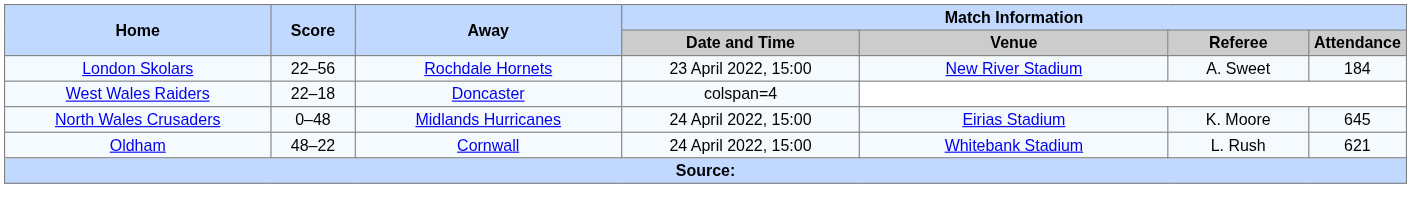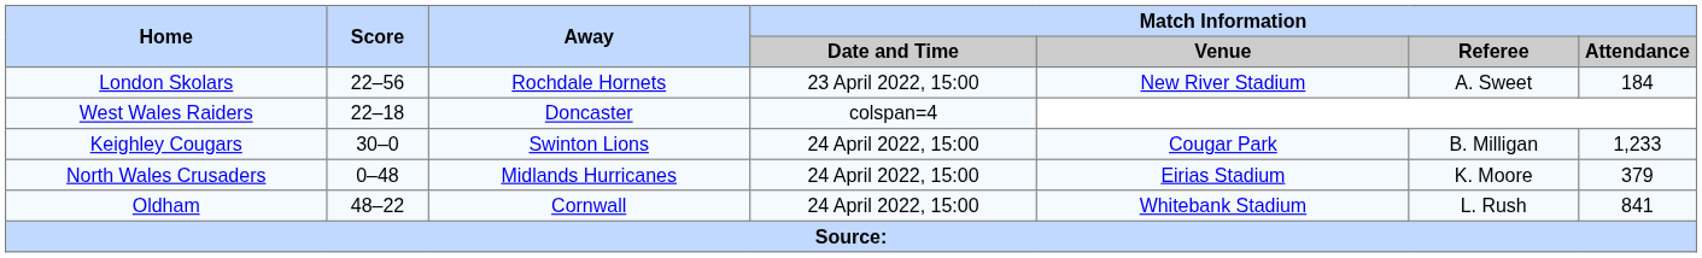 <table border=1 style="border-collapse:collapse; font-size:90%; text-align:center;" cellpadding=3 cellspacing=0 width=100%>
 <tr bgcolor=#C1D8FF>
 <th scope="col" rowspan=2 width=19%>Home</th>
 <th scope="col" rowspan=2 width=6%>Score</th>
 <th scope="col" rowspan=2 width=19%>Away</th>
 <th colspan=4>Match Information</th>
 </tr>
 <tr bgcolor=#CCCCCC>
 <th scope="col" width=17%>Date and Time</th>
 <th scope="col" width=22%>Venue</th>
 <th scope="col" width=10%>Referee</th>
 <th scope="col" width=7%>Attendance</th>
 </tr>
 <tr bgcolor=#F5FAFF>
 <td> <a href='#'>London Skolars</a></td>
 <td>22–56</td>
 <td> <a href='#'>Rochdale Hornets</a></td>
 <td>23 April 2022, 15:00</td>
 <td><a href='#'>New River Stadium</a></td>
 <td>A. Sweet</td>
 <td>184</td>
 </tr>
 <tr bgcolor=#F5FAFF>
 <td> <a href='#'>West Wales Raiders</a></td>
 <td>22–18</td>
 <td> <a href='#'>Doncaster</a></td>
 <td>colspan=4 </td>
 </tr>
 <tr bgcolor=#F5FAFF>
+<td> <a href='#'>Keighley Cougars</a></td>
+<td>30–0</td>
+<td> <a href='#'>Swinton Lions</a></td>
+<td>24 April 2022, 15:00</td>
+<td><a href='#'>Cougar Park</a></td>
+<td>B. Milligan</td>
+<td>1,233</td>
+</tr>
+<tr bgcolor=#F5FAFF>
 <td> <a href='#'>North Wales Crusaders</a></td>
 <td>0–48</td>
 <td> <a href='#'>Midlands Hurricanes</a></td>
 <td>24 April 2022, 15:00</td>
 <td><a href='#'>Eirias Stadium</a></td>
 <td>K. Moore</td>
-<td>645</td>
+<td>379</td>
 </tr>
 <tr bgcolor=#F5FAFF>
 <td> <a href='#'>Oldham</a></td>
 <td>48–22</td>
 <td> <a href='#'>Cornwall</a></td>
 <td>24 April 2022, 15:00</td>
 <td><a href='#'>Whitebank Stadium</a></td>
 <td>L. Rush</td>
-<td>621</td>
+<td>841</td>
 </tr>
 <tr style="background:#c1d8ff;">
 <th colspan=7>Source:</th>
 </tr>
 </table>
